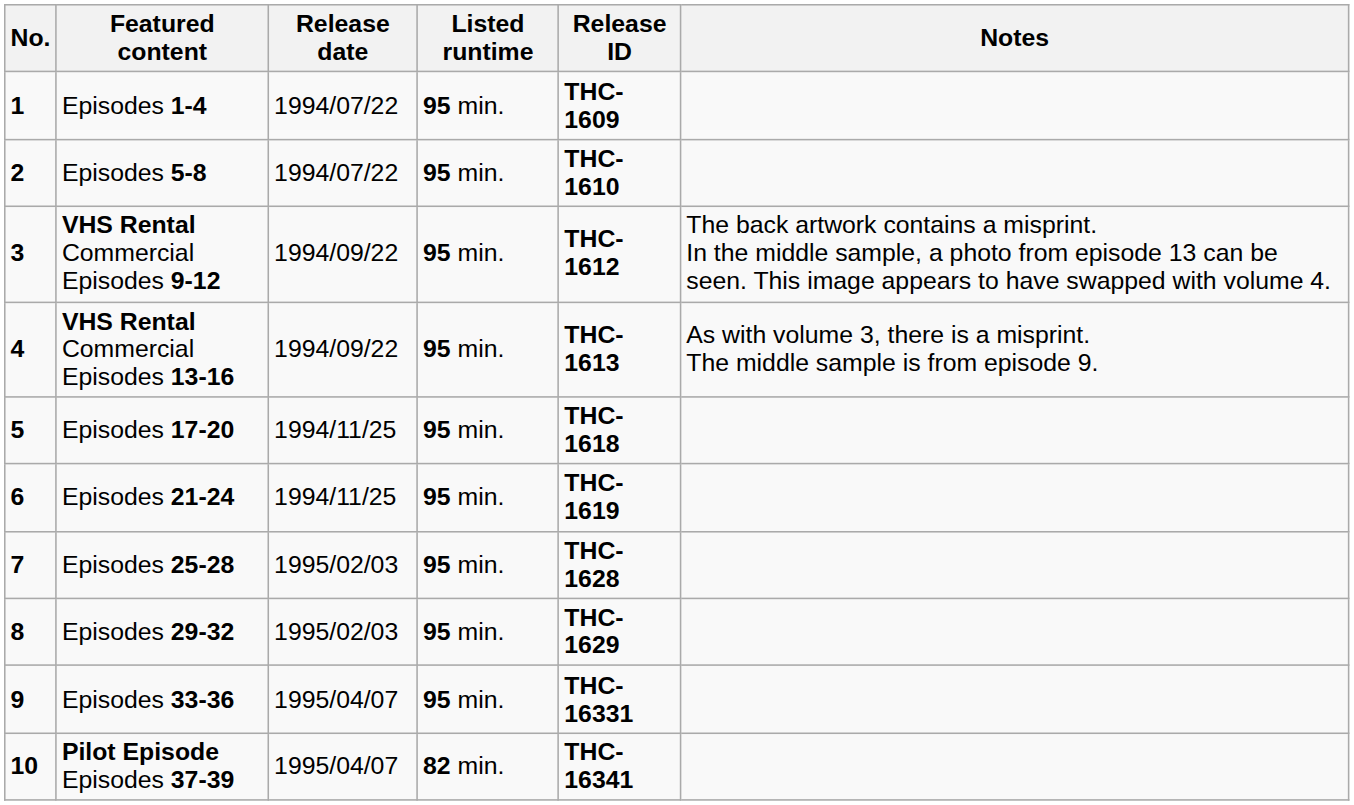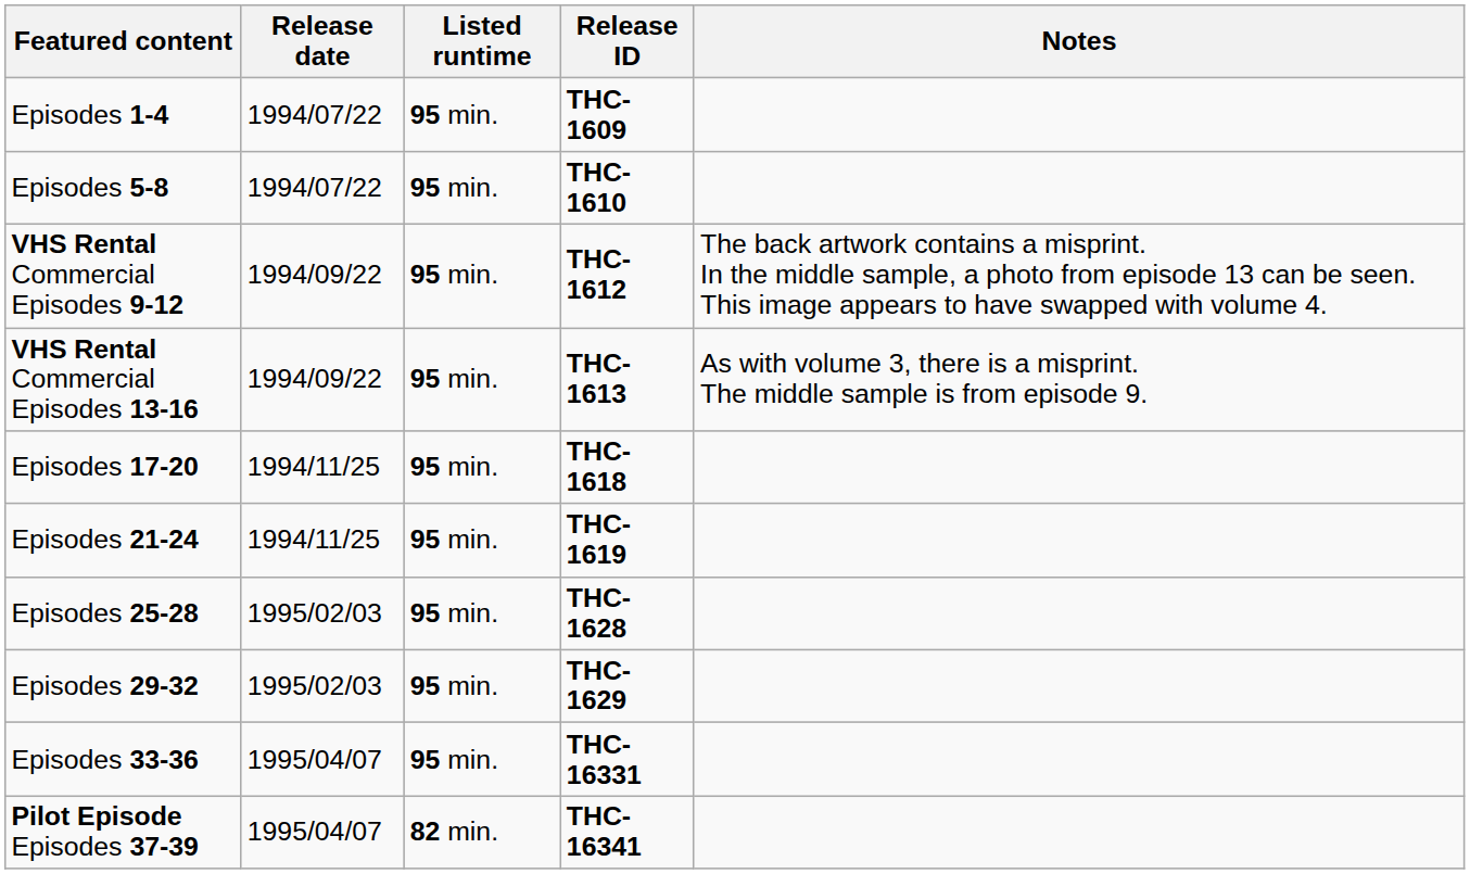 <table class="wikitable">
 <tr>
-<th>No.</th>
 <th>Featured content</th>
 <th>Release date</th>
 <th>Listed runtime</th>
 <th>Release ID</th>
 <th>Notes</th>
 </tr>
 <tr>
-<td><strong>1</strong></td>
 <td>Episodes <strong>1-4</strong></td>
 <td>1994/07/22</td>
 <td><strong>95</strong> min.</td>
 <td><strong>THC-1609</strong></td>
 <td></td>
 </tr>
 <tr>
-<td><strong>2</strong></td>
 <td>Episodes <strong>5-8</strong></td>
 <td>1994/07/22</td>
 <td><strong>95</strong> min.</td>
 <td><strong>THC-1610</strong></td>
 <td></td>
 </tr>
 <tr>
-<td><strong>3</strong></td>
 <td><strong>VHS Rental</strong> Commercial <br> Episodes <strong>9-12</strong></td>
 <td>1994/09/22</td>
 <td><strong>95</strong> min.</td>
 <td><strong>THC-1612</strong></td>
 <td>The back artwork contains a misprint.<br>In the middle sample, a photo from episode 13 can be seen. This image appears to have swapped with volume 4.</td>
 </tr>
 <tr>
-<td><strong>4</strong></td>
 <td><strong>VHS Rental</strong> Commercial <br> Episodes <strong>13-16</strong></td>
 <td>1994/09/22</td>
 <td><strong>95</strong> min.</td>
 <td><strong>THC-1613</strong></td>
 <td>As with volume 3, there is a misprint.<br>The middle sample is from episode 9.</td>
 </tr>
 <tr>
-<td><strong>5</strong></td>
 <td>Episodes <strong>17-20</strong></td>
 <td>1994/11/25</td>
 <td><strong>95</strong> min.</td>
 <td><strong>THC-1618</strong></td>
 <td></td>
 </tr>
 <tr>
-<td><strong>6</strong></td>
 <td>Episodes <strong>21-24</strong></td>
 <td>1994/11/25</td>
 <td><strong>95</strong> min.</td>
 <td><strong>THC-1619</strong></td>
 <td></td>
 </tr>
 <tr>
-<td><strong>7</strong></td>
 <td>Episodes <strong>25-28</strong></td>
 <td>1995/02/03</td>
 <td><strong>95</strong> min.</td>
 <td><strong>THC-1628</strong></td>
 <td></td>
 </tr>
 <tr>
-<td><strong>8</strong></td>
 <td>Episodes <strong>29-32</strong></td>
 <td>1995/02/03</td>
 <td><strong>95</strong> min.</td>
 <td><strong>THC-1629</strong></td>
 <td></td>
 </tr>
 <tr>
-<td><strong>9</strong></td>
 <td>Episodes <strong>33-36</strong></td>
 <td>1995/04/07</td>
 <td><strong>95</strong> min.</td>
 <td><strong>THC-16331</strong></td>
 <td></td>
 </tr>
 <tr>
-<td><strong>10</strong></td>
 <td><strong>Pilot Episode</strong> <br> Episodes <strong>37-39</strong></td>
 <td>1995/04/07</td>
 <td><strong>82</strong> min.</td>
 <td><strong>THC-16341</strong></td>
 <td></td>
 </tr>
 </table>
